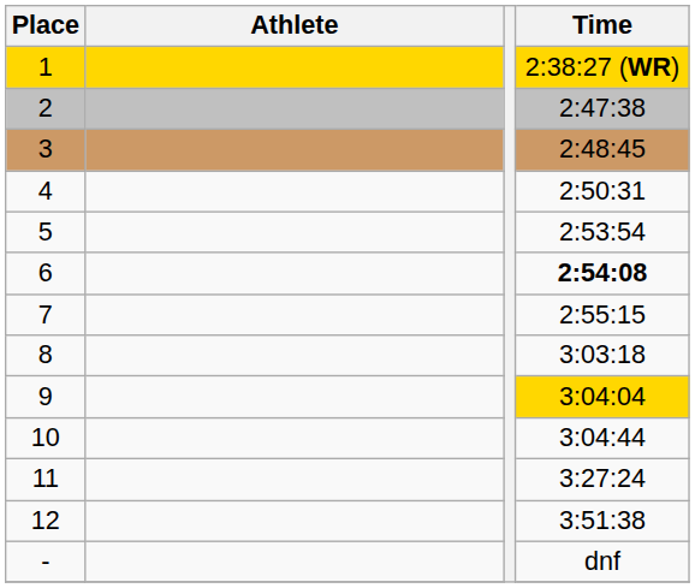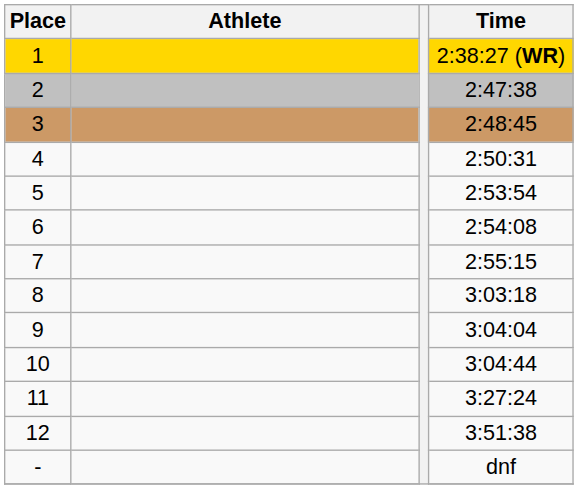 <table class="wikitable" style="text-align:center">
 <tr>
 <th>Place</th>
 <th width=250>Athlete</th>
 <th rowspan=27></th>
 <th width=100>Time</th>
 </tr>
 <tr bgcolor=gold>
 <td>1</td>
 <td align=left></td>
 <td>2:38:27 (<strong>WR</strong>)</td>
 </tr>
 <tr bgcolor=silver>
 <td>2</td>
 <td align=left></td>
 <td>2:47:38</td>
 </tr>
 <tr bgcolor=cc9966>
 <td>3</td>
 <td align=left></td>
 <td>2:48:45</td>
 </tr>
 <tr>
 <td>4</td>
 <td align=left></td>
 <td>2:50:31</td>
 </tr>
 <tr>
 <td>5</td>
 <td align=left></td>
 <td>2:53:54</td>
 </tr>
 <tr>
 <td>6</td>
 <td align=left></td>
-<td><strong>2:54:08</strong></td>
+<td>2:54:08</td>
 </tr>
 <tr>
 <td>7</td>
 <td align=left></td>
 <td>2:55:15</td>
 </tr>
 <tr>
 <td>8</td>
 <td align=left></td>
 <td>3:03:18</td>
 </tr>
 <tr>
 <td>9</td>
 <td align=left></td>
-<td style="background: gold;">3:04:04</td>
+<td>3:04:04</td>
 </tr>
 <tr>
 <td>10</td>
 <td align=left></td>
 <td>3:04:44</td>
 </tr>
 <tr>
 <td>11</td>
 <td align=left></td>
 <td>3:27:24</td>
 </tr>
 <tr>
 <td>12</td>
 <td align=left></td>
 <td>3:51:38</td>
 </tr>
 <tr>
 <td>-</td>
 <td align=left></td>
 <td>dnf</td>
 </tr>
 <tr>
 </tr>
 </table>
